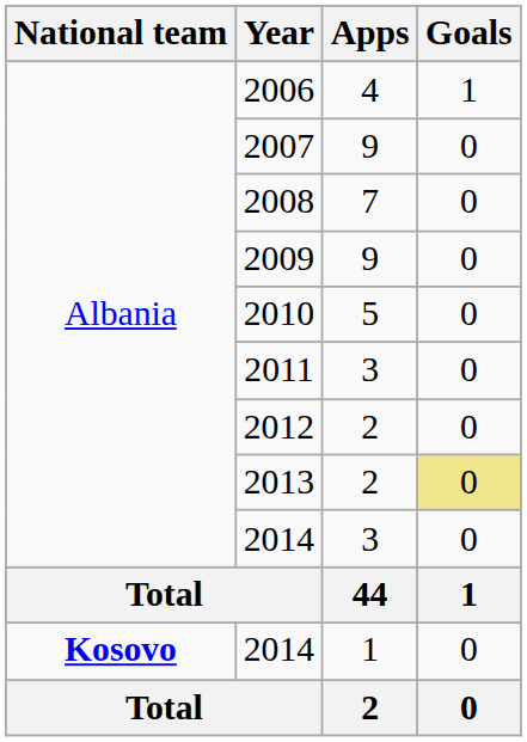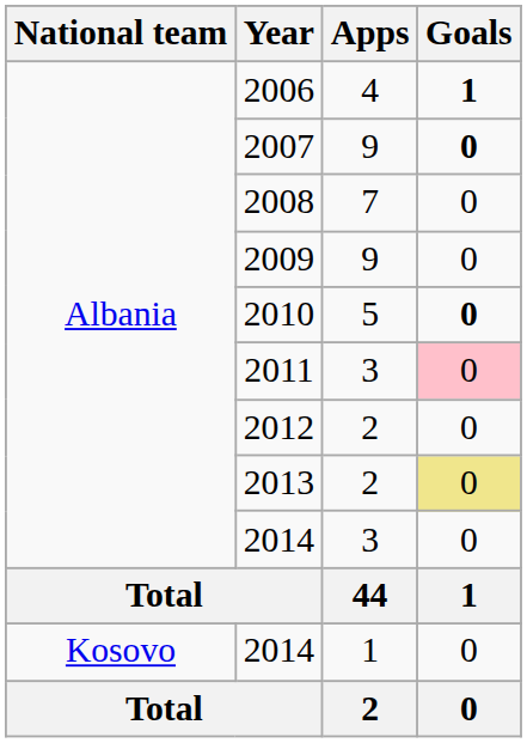 <table class="wikitable" style="text-align:center">
 <tr>
 <th>National team</th>
 <th>Year</th>
 <th>Apps</th>
 <th>Goals</th>
 </tr>
 <tr>
 <td rowspan="9"><a href='#'>Albania</a></td>
 <td>2006</td>
 <td>4</td>
-<td>1</td>
+<td><strong>1</strong></td>
 </tr>
 <tr>
 <td>2007</td>
 <td>9</td>
-<td>0</td>
+<td><strong>0</strong></td>
 </tr>
 <tr>
 <td>2008</td>
 <td>7</td>
 <td>0</td>
 </tr>
 <tr>
 <td>2009</td>
 <td>9</td>
 <td>0</td>
 </tr>
 <tr>
 <td>2010</td>
 <td>5</td>
-<td>0</td>
+<td><strong>0</strong></td>
 </tr>
 <tr>
 <td>2011</td>
 <td>3</td>
-<td>0</td>
+<td style="background: pink;">0</td>
 </tr>
 <tr>
 <td>2012</td>
 <td>2</td>
 <td>0</td>
 </tr>
 <tr>
 <td>2013</td>
 <td>2</td>
 <td style="background: khaki;">0</td>
 </tr>
 <tr>
 <td>2014</td>
 <td>3</td>
 <td>0</td>
 </tr>
 <tr>
 <th colspan="2">Total</th>
 <th>44</th>
 <th>1</th>
 </tr>
 <tr>
-<td><strong><a href='#'>Kosovo</a></strong></td>
+<td><a href='#'>Kosovo</a></td>
 <td>2014</td>
 <td>1</td>
 <td>0</td>
 </tr>
 <tr>
 <th colspan="2">Total</th>
 <th>2</th>
 <th>0</th>
 </tr>
 </table>
